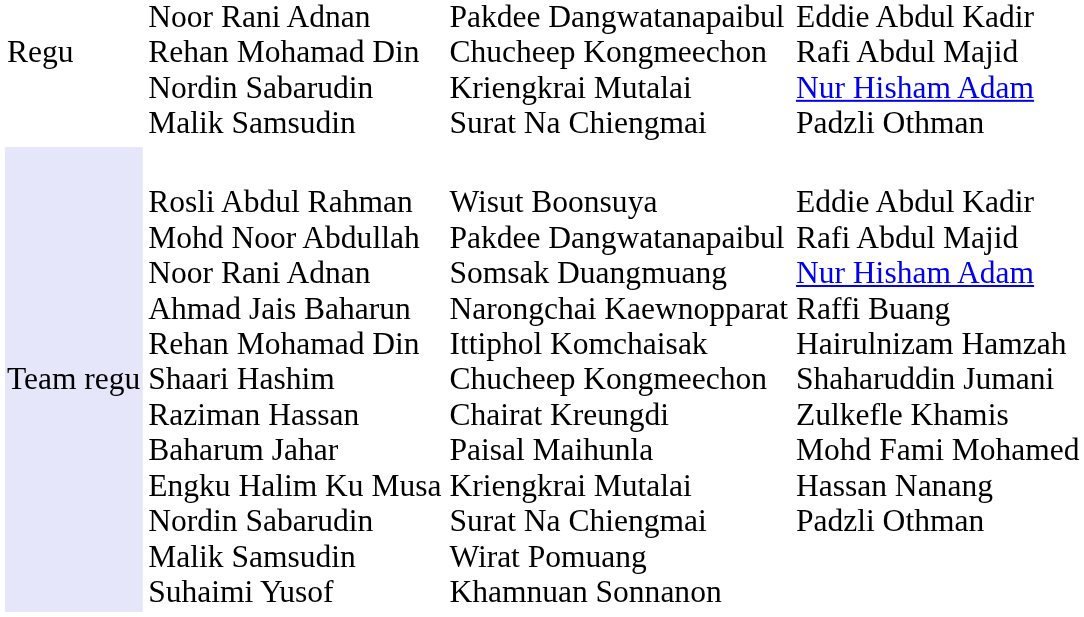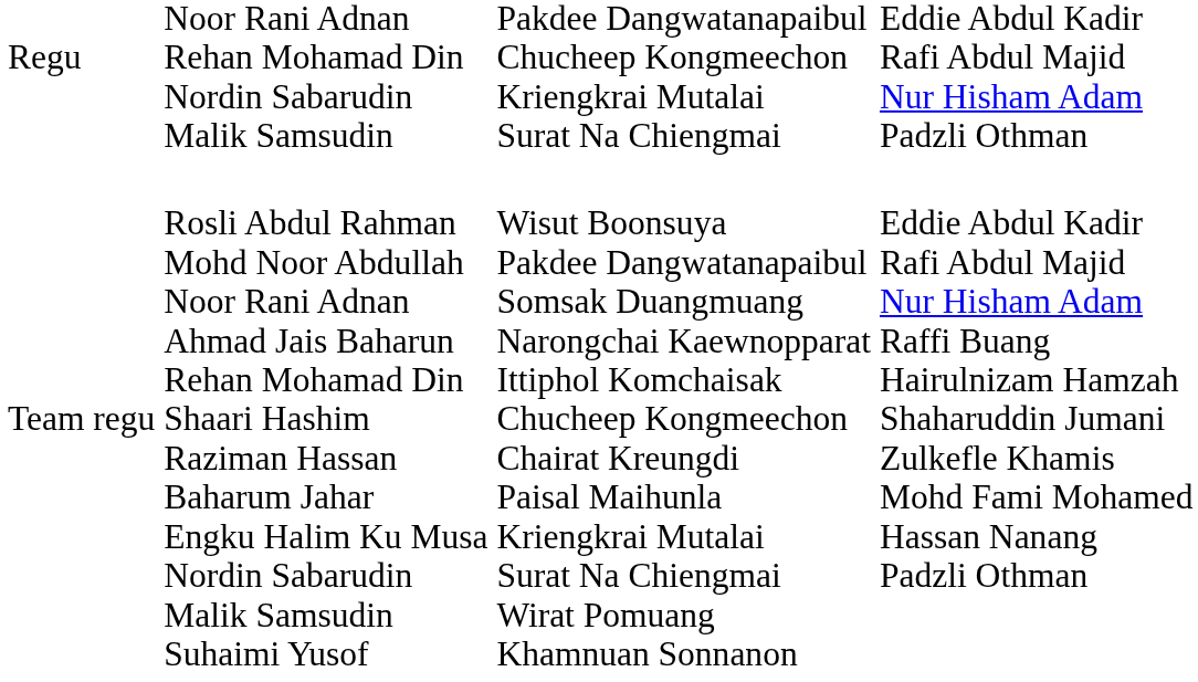 <table>
 <tr>
 <td>Regu<br></td>
 <td><br>Noor Rani Adnan<br>Rehan Mohamad Din<br>Nordin Sabarudin<br>Malik Samsudin</td>
 <td><br>Pakdee Dangwatanapaibul<br>Chucheep Kongmeechon<br>Kriengkrai Mutalai<br>Surat Na Chiengmai</td>
 <td><br>Eddie Abdul Kadir<br>Rafi Abdul Majid<br><a href='#'>Nur Hisham Adam</a><br>Padzli Othman</td>
 </tr>
 <tr>
-<td style="background: lavender;">Team regu<br></td>
+<td>Team regu<br></td>
 <td><br>Rosli Abdul Rahman<br>Mohd Noor Abdullah<br>Noor Rani Adnan<br>Ahmad Jais Baharun<br>Rehan Mohamad Din<br>Shaari Hashim<br>Raziman Hassan<br>Baharum Jahar<br>Engku Halim Ku Musa<br>Nordin Sabarudin<br>Malik Samsudin<br>Suhaimi Yusof</td>
 <td><br>Wisut Boonsuya<br>Pakdee Dangwatanapaibul<br>Somsak Duangmuang<br>Narongchai Kaewnopparat<br>Ittiphol Komchaisak<br>Chucheep Kongmeechon<br>Chairat Kreungdi<br>Paisal Maihunla<br>Kriengkrai Mutalai<br>Surat Na Chiengmai<br>Wirat Pomuang<br>Khamnuan Sonnanon</td>
 <td valign=top><br>Eddie Abdul Kadir<br>Rafi Abdul Majid<br><a href='#'>Nur Hisham Adam</a><br>Raffi Buang<br>Hairulnizam Hamzah<br>Shaharuddin Jumani<br>Zulkefle Khamis<br>Mohd Fami Mohamed<br>Hassan Nanang<br>Padzli Othman</td>
 </tr>
 </table>
